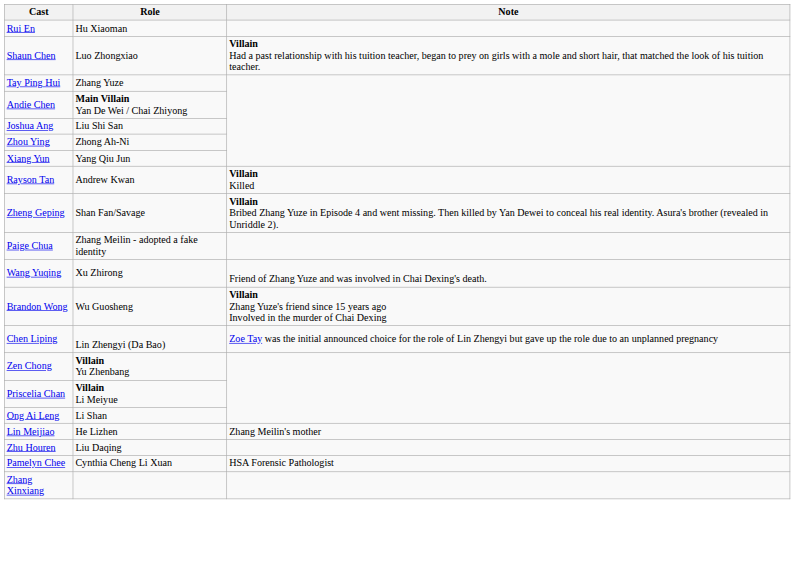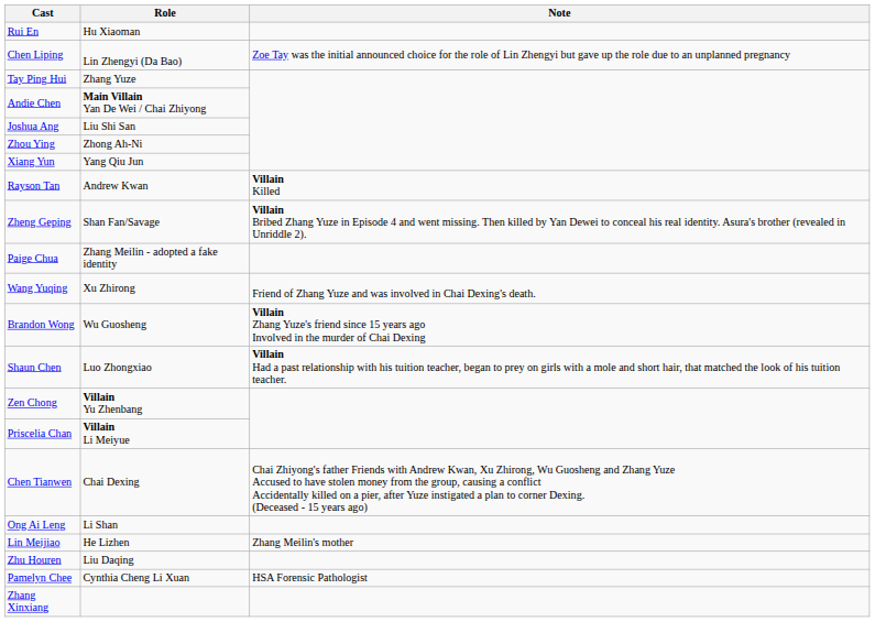 <table class="wikitable">
 <tr>
 <th>Cast</th>
 <th>Role</th>
 <th>Note</th>
 </tr>
 <tr>
 <td><a href='#'>Rui En</a></td>
 <td>Hu Xiaoman</td>
 </tr>
 <tr>
-<td><a href='#'>Shaun Chen</a></td>
-<td>Luo Zhongxiao</td>
-<td><strong>Villain</strong> <br> Had a past relationship with his tuition teacher, began to prey on girls with a mole and short hair, that matched the look of his tuition teacher.</td>
+<td><a href='#'>Chen Liping</a></td>
+<td><br>Lin Zhengyi (Da Bao)</td>
+<td><a href='#'>Zoe Tay</a> was the initial announced choice for the role of Lin Zhengyi but gave up the role due to an unplanned pregnancy</td>
 </tr>
 <tr>
 <td><a href='#'>Tay Ping Hui</a></td>
 <td>Zhang Yuze</td>
 </tr>
 <tr>
 <td><a href='#'>Andie Chen</a></td>
 <td><strong>Main Villain</strong><br>Yan De Wei / Chai Zhiyong</td>
 </tr>
 <tr>
 <td><a href='#'>Joshua Ang</a></td>
 <td>Liu Shi San</td>
 </tr>
 <tr>
 <td><a href='#'>Zhou Ying</a></td>
 <td>Zhong Ah-Ni</td>
 </tr>
 <tr>
 <td><a href='#'>Xiang Yun</a></td>
 <td>Yang Qiu Jun</td>
 </tr>
 <tr>
 <td><a href='#'>Rayson Tan</a></td>
 <td>Andrew Kwan</td>
 <td><strong>Villain</strong> <br> Killed</td>
 </tr>
 <tr>
 <td><a href='#'>Zheng Geping</a></td>
 <td>Shan Fan/Savage</td>
 <td><strong>Villain</strong> <br> Bribed Zhang Yuze in Episode 4 and went missing. Then killed by Yan Dewei to conceal his real identity. Asura's brother (revealed in Unriddle 2).</td>
 </tr>
 <tr>
 <td><a href='#'>Paige Chua</a></td>
 <td>Zhang Meilin - adopted a fake identity</td>
 </tr>
 <tr>
 <td><a href='#'>Wang Yuqing</a></td>
 <td>Xu Zhirong</td>
 <td><br>Friend of Zhang Yuze and was involved in Chai Dexing's death.</td>
 </tr>
 <tr>
 <td><a href='#'>Brandon Wong</a></td>
 <td>Wu Guosheng</td>
 <td><strong>Villain</strong> <br> Zhang Yuze's friend since 15 years ago<br>Involved in the murder of Chai Dexing</td>
 </tr>
 <tr>
-<td><a href='#'>Chen Liping</a></td>
-<td><br>Lin Zhengyi (Da Bao)</td>
-<td><a href='#'>Zoe Tay</a> was the initial announced choice for the role of Lin Zhengyi but gave up the role due to an unplanned pregnancy</td>
+<td><a href='#'>Shaun Chen</a></td>
+<td>Luo Zhongxiao</td>
+<td><strong>Villain</strong> <br> Had a past relationship with his tuition teacher, began to prey on girls with a mole and short hair, that matched the look of his tuition teacher.</td>
 </tr>
 <tr>
 <td><a href='#'>Zen Chong</a></td>
 <td><strong>Villain</strong><br>Yu Zhenbang</td>
 </tr>
 <tr>
 <td><a href='#'>Priscelia Chan</a></td>
 <td><strong>Villain</strong><br>Li Meiyue</td>
+</tr>
+<tr>
+<td><a href='#'>Chen Tianwen</a></td>
+<td>Chai Dexing</td>
+<td><br>Chai Zhiyong's father Friends with Andrew Kwan, Xu Zhirong, Wu Guosheng and Zhang Yuze<br>Accused to have stolen money from the group, causing a conflict<br>Accidentally killed on a pier, after Yuze instigated a plan to corner Dexing.<br>(Deceased - 15 years ago)</td>
 </tr>
 <tr>
 <td><a href='#'>Ong Ai Leng</a></td>
 <td>Li Shan</td>
 </tr>
 <tr>
 <td><a href='#'>Lin Meijiao</a></td>
 <td>He Lizhen</td>
 <td>Zhang Meilin's mother</td>
 </tr>
 <tr>
 <td><a href='#'>Zhu Houren</a></td>
 <td>Liu Daqing</td>
 </tr>
 <tr>
 <td><a href='#'>Pamelyn Chee</a></td>
 <td>Cynthia Cheng Li Xuan</td>
 <td>HSA Forensic Pathologist</td>
 </tr>
 <tr>
 <td><a href='#'>Zhang Xinxiang</a></td>
 <td></td>
 </tr>
 </table>
